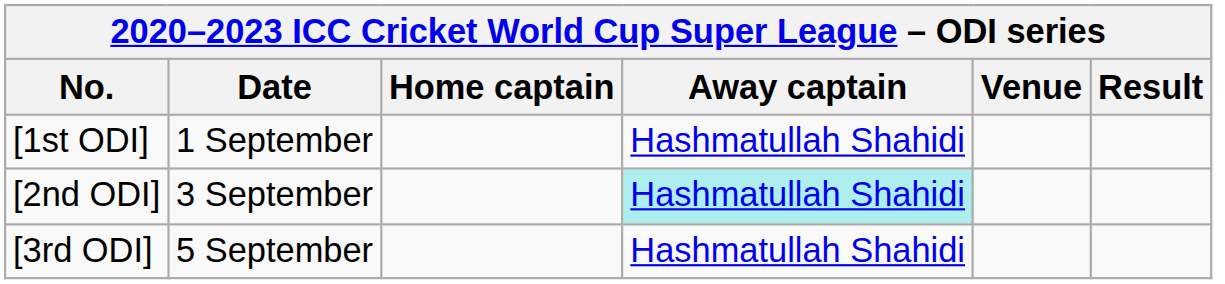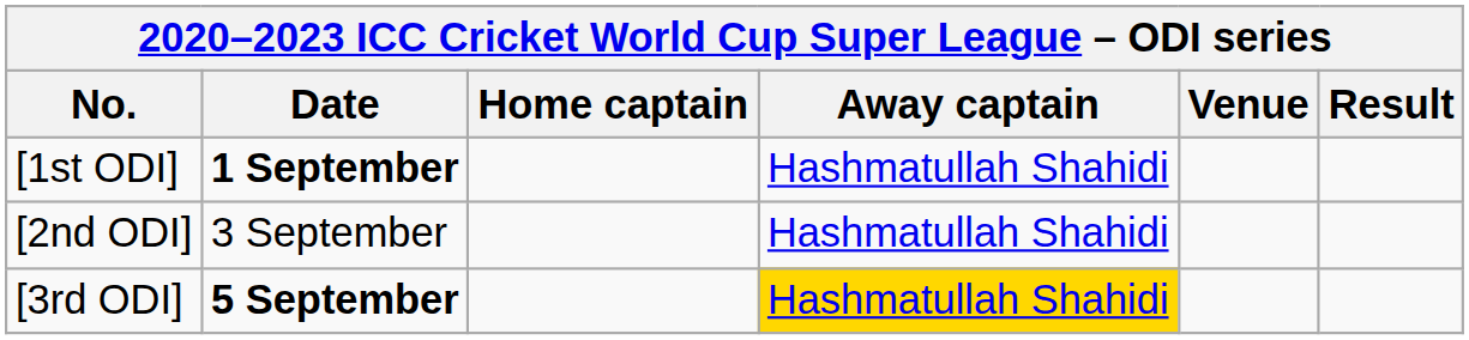 <table class="wikitable">
 <tr>
 <th colspan="9"><a href='#'>2020–2023 ICC Cricket World Cup Super League</a> – ODI series</th>
 </tr>
 <tr>
 <th>No.</th>
 <th>Date</th>
 <th>Home captain</th>
 <th>Away captain</th>
 <th>Venue</th>
 <th>Result</th>
 </tr>
 <tr>
 <td>[1st ODI]</td>
-<td>1 September</td>
+<td><strong>1 September</strong></td>
 <td></td>
 <td><a href='#'>Hashmatullah Shahidi</a></td>
 <td></td>
 <td></td>
 </tr>
 <tr>
 <td>[2nd ODI]</td>
 <td>3 September</td>
 <td></td>
-<td style="background: paleturquoise;"><a href='#'>Hashmatullah Shahidi</a></td>
+<td><a href='#'>Hashmatullah Shahidi</a></td>
 <td></td>
 <td></td>
 </tr>
 <tr>
 <td>[3rd ODI]</td>
-<td>5 September</td>
+<td><strong>5 September</strong></td>
 <td></td>
-<td><a href='#'>Hashmatullah Shahidi</a></td>
+<td style="background: gold;"><a href='#'>Hashmatullah Shahidi</a></td>
 <td></td>
 <td></td>
 </tr>
 </table>
